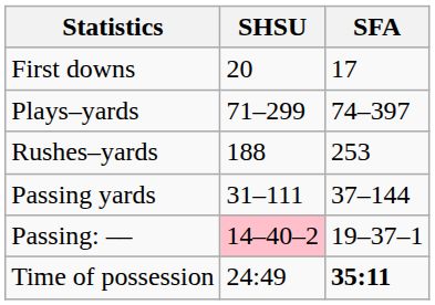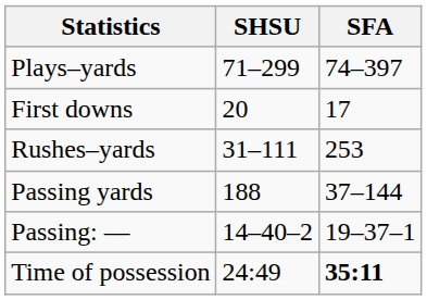 <table class="wikitable" style="float:left">
 <tr>
 <th>Statistics</th>
 <th>SHSU</th>
 <th>SFA</th>
 </tr>
 <tr>
+<td>Plays–yards</td>
+<td>71–299</td>
+<td>74–397</td>
+</tr>
+<tr>
 <td>First downs</td>
 <td>20</td>
 <td>17</td>
 </tr>
 <tr>
-<td>Plays–yards</td>
-<td>71–299</td>
-<td>74–397</td>
-</tr>
-<tr>
 <td>Rushes–yards</td>
-<td>188</td>
+<td>31–111</td>
 <td>253</td>
 </tr>
 <tr>
 <td>Passing yards</td>
-<td>31–111</td>
+<td>188</td>
 <td>37–144</td>
 </tr>
 <tr>
 <td>Passing: ––</td>
-<td style="background: pink;">14–40–2</td>
+<td>14–40–2</td>
 <td>19–37–1</td>
 </tr>
 <tr>
 <td>Time of possession</td>
 <td>24:49</td>
 <td><strong>35:11</strong></td>
 </tr>
 </table>
